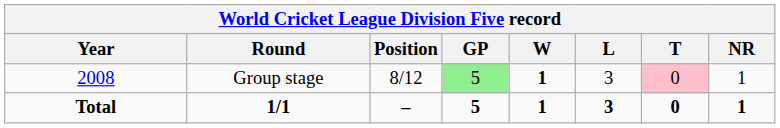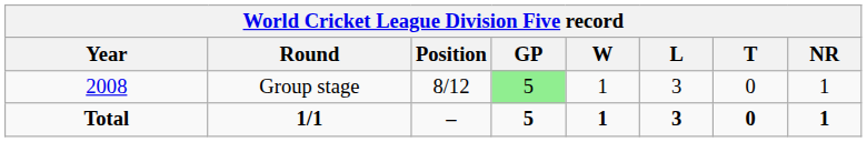 <table class="wikitable" style="text-align: center; width=900px;">
 <tr>
 <th colspan=9><a href='#'>World Cricket League Division Five</a> record</th>
 </tr>
 <tr>
 <th width=150>Year</th>
 <th width=150>Round</th>
 <th width=50>Position</th>
 <th width=50>GP</th>
 <th width=50>W</th>
 <th width=50>L</th>
 <th width=50>T</th>
 <th width=50>NR</th>
 </tr>
 <tr>
 <td> <a href='#'>2008</a></td>
 <td>Group stage</td>
 <td>8/12</td>
 <td style="background: lightgreen;">5</td>
-<td><strong>1</strong></td>
+<td>1</td>
 <td>3</td>
-<td style="background: pink;">0</td>
+<td>0</td>
 <td>1</td>
 </tr>
 <tr>
 <td><strong>Total</strong></td>
 <td><strong>1/1</strong></td>
 <td><strong> –</strong></td>
 <td><strong>5</strong></td>
 <td><strong>1</strong></td>
 <td><strong>3</strong></td>
 <td><strong>0</strong></td>
 <td><strong>1</strong></td>
 </tr>
 </table>
